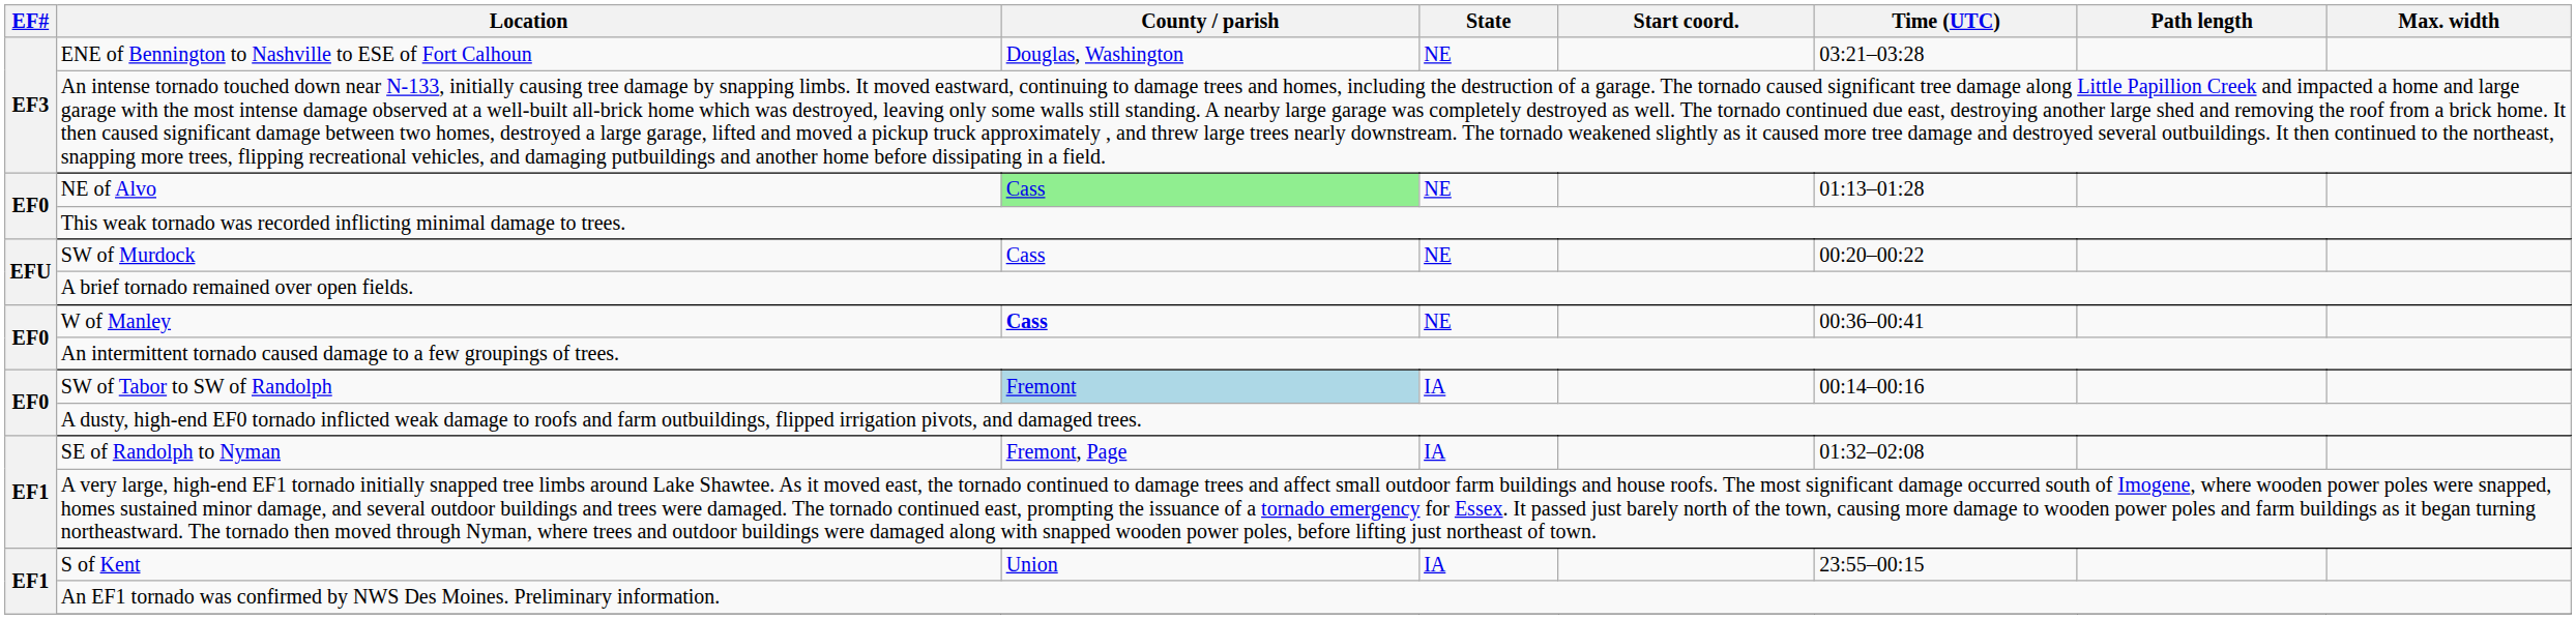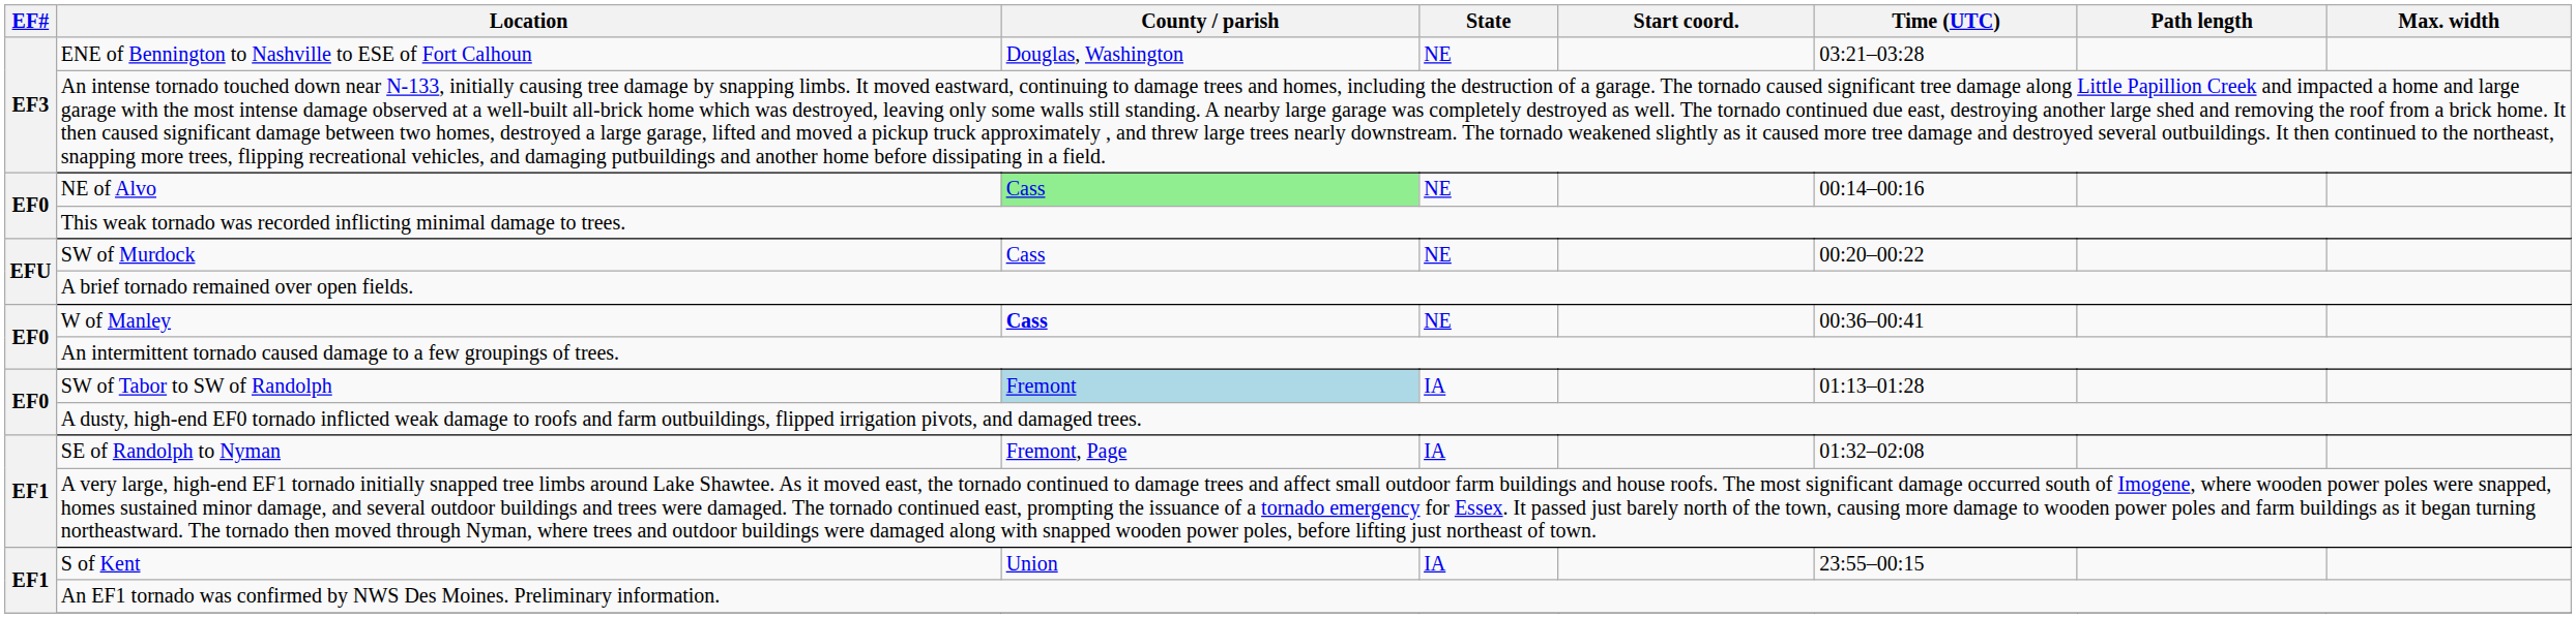 <table class="wikitable sortable" style="width:100%;">
 <tr>
 <th scope="col" width="2%" align="center"><a href='#'>EF#</a></th>
 <th scope="col" align="center" class="unsortable">Location</th>
 <th scope="col" align="center" class="unsortable">County / parish</th>
 <th scope="col" align="center">State</th>
 <th scope="col" align="center">Start coord.</th>
 <th scope="col" align="center">Time (<a href='#'>UTC</a>)</th>
 <th scope="col" align="center">Path length</th>
 <th scope="col" align="center">Max. width</th>
 </tr>
 <tr>
 <th scope="row" rowspan="2" style="background-color:#">EF3</th>
 <td>ENE of <a href='#'>Bennington</a> to <a href='#'>Nashville</a> to ESE of <a href='#'>Fort Calhoun</a></td>
 <td><a href='#'>Douglas</a>, <a href='#'>Washington</a></td>
 <td><a href='#'>NE</a></td>
 <td></td>
 <td>03:21–03:28</td>
 <td></td>
 <td></td>
 </tr>
 <tr class="expand-child">
 <td colspan="8" style=" border-bottom: 1px solid black;">An intense tornado touched down near <a href='#'>N-133</a>, initially causing tree damage by snapping limbs. It moved eastward, continuing to damage trees and homes, including the destruction of a garage. The tornado caused significant tree damage along <a href='#'>Little Papillion Creek</a> and impacted a home and large garage with the most intense damage observed at a well-built all-brick home which was destroyed, leaving only some walls still standing. A nearby large garage was completely destroyed as well. The tornado continued due east, destroying another large shed and removing the roof from a brick home. It then caused significant damage between two homes, destroyed a large garage, lifted and moved a pickup truck approximately , and threw large trees nearly  downstream. The tornado weakened slightly as it caused more tree damage and destroyed several outbuildings. It then continued to the northeast, snapping more trees, flipping recreational vehicles, and damaging putbuildings and another home before dissipating in a field.</td>
 </tr>
 <tr>
 <th scope="row" rowspan="2" style="background-color:#">EF0</th>
 <td>NE of <a href='#'>Alvo</a></td>
 <td style="background: lightgreen;"><a href='#'>Cass</a></td>
 <td><a href='#'>NE</a></td>
 <td></td>
-<td>01:13–01:28</td>
+<td>00:14–00:16</td>
 <td></td>
 <td></td>
 </tr>
 <tr class="expand-child">
 <td colspan="8" style=" border-bottom: 1px solid black;">This weak tornado was recorded inflicting minimal damage to trees.</td>
 </tr>
 <tr>
 <th scope="row" rowspan="2" style="background-color:#">EFU</th>
 <td>SW of <a href='#'>Murdock</a></td>
 <td><a href='#'>Cass</a></td>
 <td><a href='#'>NE</a></td>
 <td></td>
 <td>00:20–00:22</td>
 <td></td>
 <td></td>
 </tr>
 <tr class="expand-child">
 <td colspan="8" style=" border-bottom: 1px solid black;">A brief tornado remained over open fields.</td>
 </tr>
 <tr>
 <th scope="row" rowspan="2" style="background-color:#">EF0</th>
 <td>W of <a href='#'>Manley</a></td>
 <td><strong><a href='#'>Cass</a></strong></td>
 <td><a href='#'>NE</a></td>
 <td></td>
 <td>00:36–00:41</td>
 <td></td>
 <td></td>
 </tr>
 <tr class="expand-child">
 <td colspan="8" style=" border-bottom: 1px solid black;">An intermittent tornado caused damage to a few groupings of trees.</td>
 </tr>
 <tr>
 <th scope="row" rowspan="2" style="background-color:#">EF0</th>
 <td>SW of <a href='#'>Tabor</a> to SW of <a href='#'>Randolph</a></td>
 <td style="background: lightblue;"><a href='#'>Fremont</a></td>
 <td><a href='#'>IA</a></td>
 <td></td>
-<td>00:14–00:16</td>
+<td>01:13–01:28</td>
 <td></td>
 <td></td>
 </tr>
 <tr class="expand-child">
 <td colspan="8" style=" border-bottom: 1px solid black;">A dusty, high-end EF0 tornado inflicted weak damage to roofs and farm outbuildings, flipped irrigation pivots, and damaged trees.</td>
 </tr>
 <tr>
 <th scope="row" rowspan="2" style="background-color:#">EF1</th>
 <td>SE of <a href='#'>Randolph</a> to <a href='#'>Nyman</a></td>
 <td><a href='#'>Fremont</a>, <a href='#'>Page</a></td>
 <td><a href='#'>IA</a></td>
 <td></td>
 <td>01:32–02:08</td>
 <td></td>
 <td></td>
 </tr>
 <tr class="expand-child">
 <td colspan="8" style=" border-bottom: 1px solid black;">A very large, high-end EF1 tornado initially snapped tree limbs around Lake Shawtee. As it moved east, the tornado continued to damage trees and affect small outdoor farm buildings and house roofs. The most significant damage occurred south of <a href='#'>Imogene</a>, where wooden power poles were snapped, homes sustained minor damage, and several outdoor buildings and trees were damaged. The tornado continued east, prompting the issuance of a <a href='#'>tornado emergency</a> for <a href='#'>Essex</a>. It passed just barely north of the town, causing more damage to wooden power poles and farm buildings as it began turning northeastward. The tornado then moved through Nyman, where trees and outdoor buildings were damaged along with snapped wooden power poles, before lifting just northeast of town.</td>
 </tr>
 <tr>
 <th scope="row" rowspan="2" style="background-color:#">EF1</th>
 <td>S of <a href='#'>Kent</a></td>
 <td><a href='#'>Union</a></td>
 <td><a href='#'>IA</a></td>
 <td></td>
 <td>23:55–00:15</td>
 <td></td>
 <td></td>
 </tr>
 <tr class="expand-child">
 <td colspan="8" style=" border-bottom: 1px solid black;">An EF1 tornado was confirmed by NWS Des Moines. Preliminary information.</td>
 </tr>
 <tr>
 </tr>
 </table>
